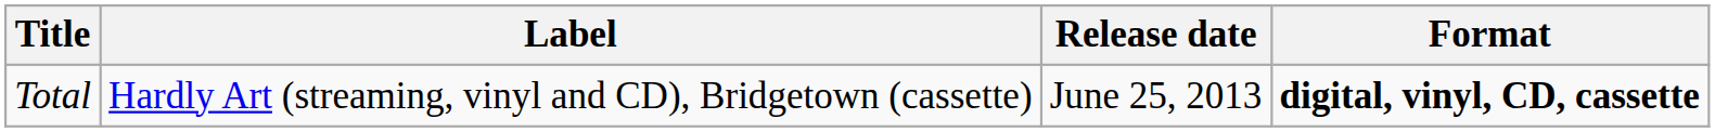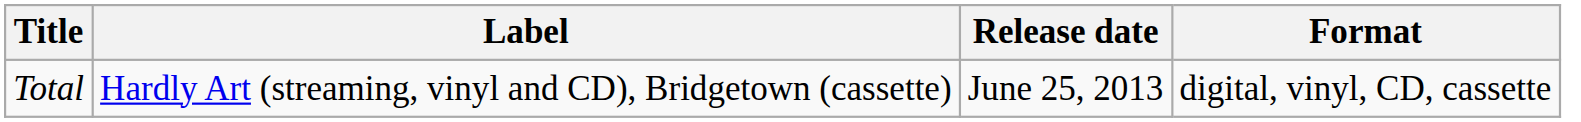 <table class="wikitable sortable">
 <tr>
 <th>Title</th>
 <th>Label</th>
 <th>Release date</th>
 <th>Format</th>
 </tr>
 <tr>
 <td><em>Total</em></td>
 <td><a href='#'>Hardly Art</a> (streaming, vinyl and CD), Bridgetown (cassette)</td>
 <td>June 25, 2013</td>
-<td><strong>digital, vinyl, CD, cassette</strong></td>
+<td>digital, vinyl, CD, cassette</td>
 </tr>
 </table>
